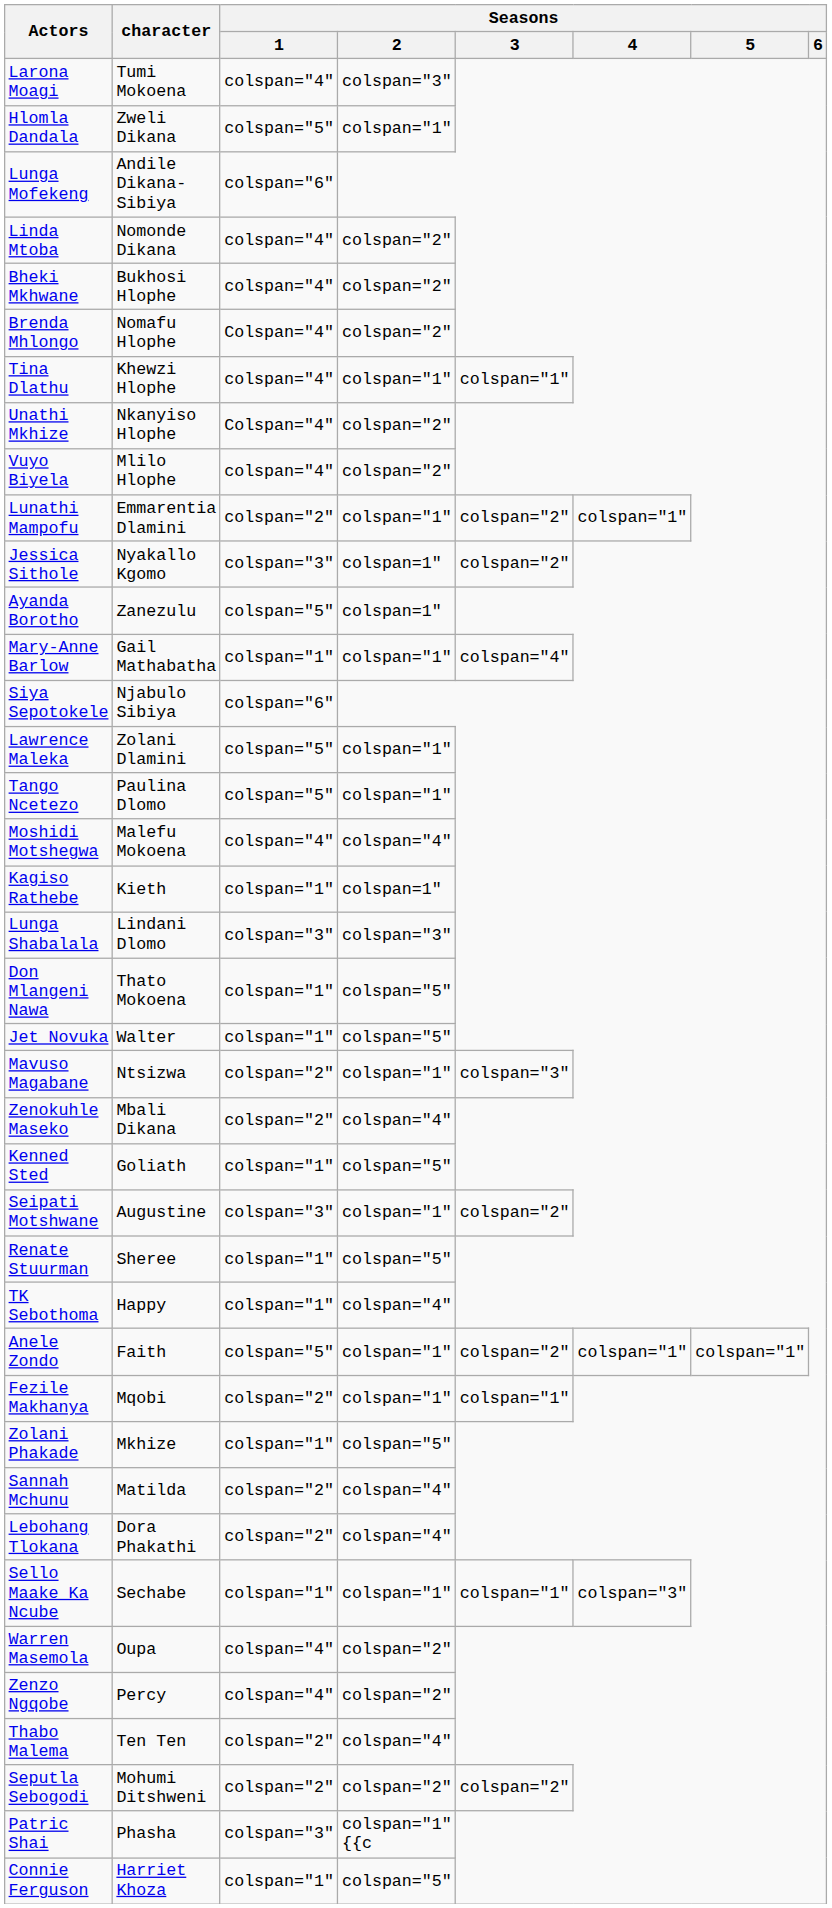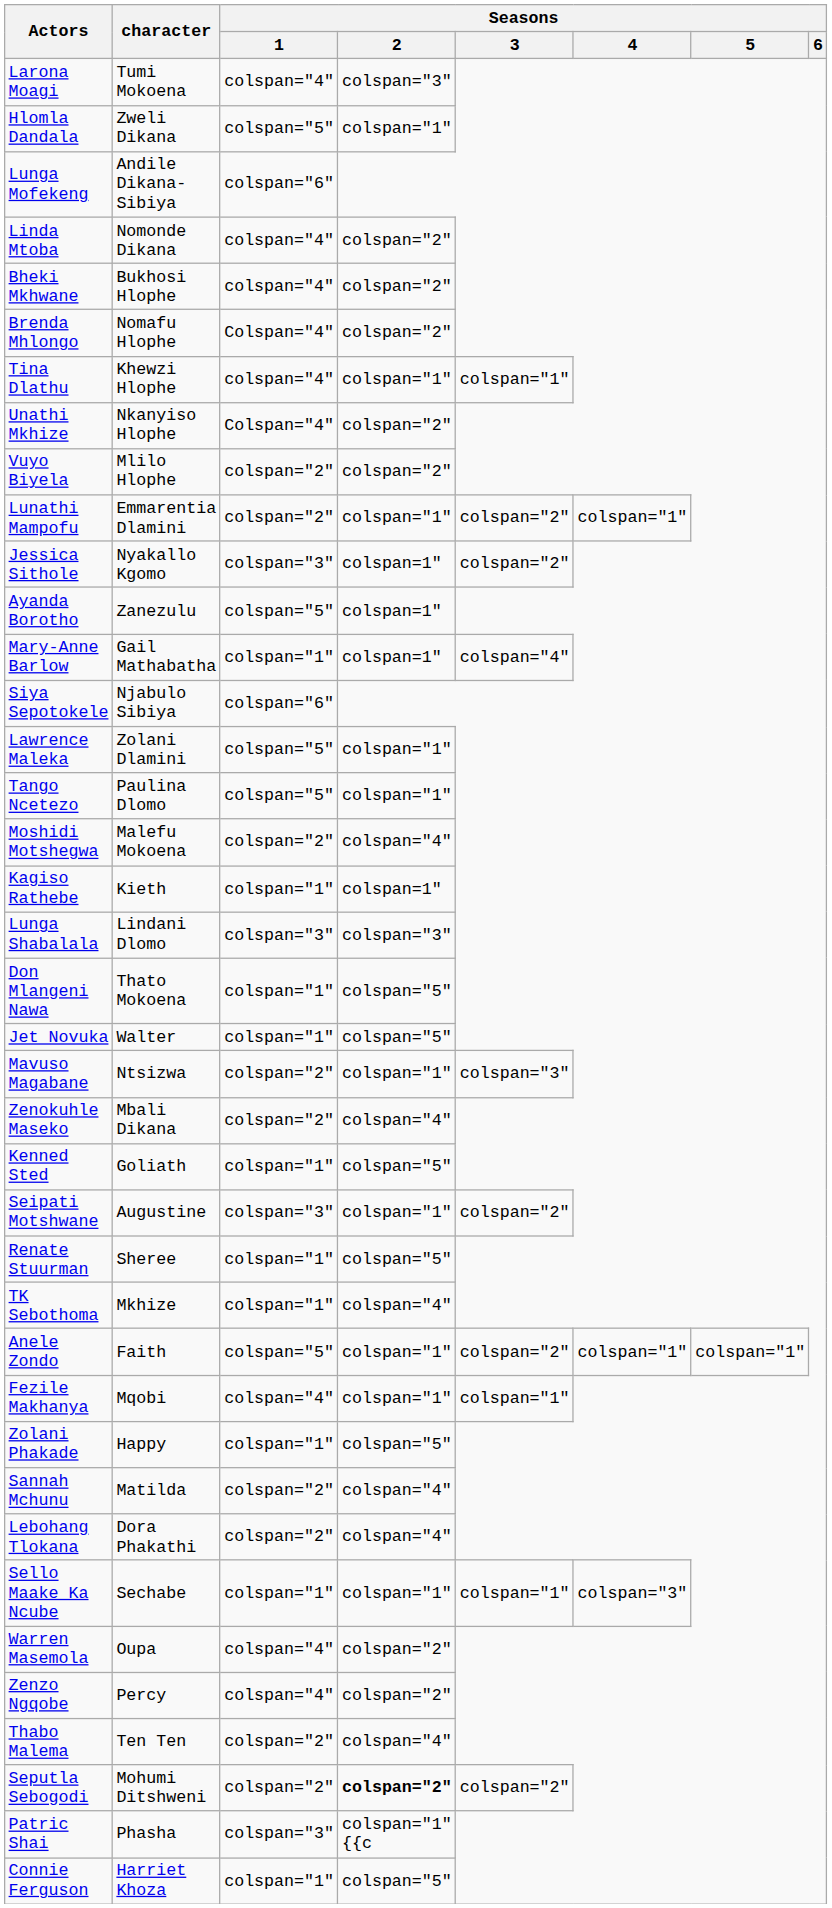 <table class="wikitable wikitable">
 <tr>
 <th rowspan="2">Actors</th>
 <th rowspan="2">character</th>
 <th colspan="6">Seasons</th>
 </tr>
 <tr>
 <th>1</th>
 <th>2</th>
 <th>3</th>
 <th>4</th>
 <th>5</th>
 <th>6</th>
 </tr>
 <tr>
 <td><a href='#'>Larona Moagi</a></td>
 <td>Tumi Mokoena</td>
 <td>colspan="4"</td>
 <td>colspan="3"</td>
 </tr>
 <tr>
 <td><a href='#'>Hlomla Dandala</a></td>
 <td>Zweli Dikana</td>
 <td>colspan="5"</td>
 <td>colspan="1"</td>
 </tr>
 <tr>
 <td><a href='#'>Lunga Mofekeng</a></td>
 <td>Andile Dikana-Sibiya</td>
 <td>colspan="6"</td>
 </tr>
 <tr>
 <td><a href='#'>Linda Mtoba</a></td>
 <td>Nomonde Dikana</td>
 <td>colspan="4"</td>
 <td>colspan="2"</td>
 </tr>
 <tr>
 <td><a href='#'>Bheki Mkhwane</a></td>
 <td>Bukhosi Hlophe</td>
 <td>colspan="4"</td>
 <td>colspan="2"</td>
 </tr>
 <tr>
 <td><a href='#'>Brenda Mhlongo</a></td>
 <td>Nomafu Hlophe</td>
 <td>Colspan="4"</td>
 <td>colspan="2"</td>
 </tr>
 <tr>
 <td><a href='#'>Tina Dlathu</a></td>
 <td>Khewzi Hlophe</td>
 <td>colspan="4"</td>
 <td>colspan="1"</td>
 <td>colspan="1"</td>
 </tr>
 <tr>
 <td><a href='#'>Unathi Mkhize</a></td>
 <td>Nkanyiso Hlophe</td>
 <td>Colspan="4"</td>
 <td>colspan="2"</td>
 </tr>
 <tr>
 <td><a href='#'>Vuyo Biyela</a></td>
 <td>Mlilo Hlophe</td>
-<td>colspan="4"</td>
+<td>colspan="2"</td>
 <td>colspan="2"</td>
 </tr>
 <tr>
 <td><a href='#'>Lunathi Mampofu</a></td>
 <td>Emmarentia Dlamini</td>
 <td>colspan="2"</td>
 <td>colspan="1"</td>
 <td>colspan="2"</td>
 <td>colspan="1"</td>
 </tr>
 <tr>
 <td><a href='#'>Jessica Sithole</a></td>
 <td>Nyakallo Kgomo</td>
 <td>colspan="3"</td>
 <td>colspan=1"</td>
 <td>colspan="2"</td>
 </tr>
 <tr>
 <td><a href='#'>Ayanda Borotho</a></td>
 <td>Zanezulu</td>
 <td>colspan="5"</td>
 <td>colspan=1"</td>
 </tr>
 <tr>
 <td><a href='#'>Mary-Anne Barlow</a></td>
 <td>Gail Mathabatha</td>
 <td>colspan="1"</td>
-<td>colspan="1"</td>
+<td>colspan=1"</td>
 <td>colspan="4"</td>
 </tr>
 <tr>
 <td><a href='#'>Siya Sepotokele</a></td>
 <td>Njabulo Sibiya</td>
 <td>colspan="6"</td>
 </tr>
 <tr>
 <td><a href='#'>Lawrence Maleka</a></td>
 <td>Zolani Dlamini</td>
 <td>colspan="5"</td>
 <td>colspan="1"</td>
 </tr>
 <tr>
 <td><a href='#'>Tango Ncetezo</a></td>
 <td>Paulina Dlomo</td>
 <td>colspan="5"</td>
 <td>colspan="1"</td>
 </tr>
 <tr>
 <td><a href='#'>Moshidi Motshegwa</a></td>
 <td>Malefu Mokoena</td>
-<td>colspan="4"</td>
+<td>colspan="2"</td>
 <td>colspan="4"</td>
 </tr>
 <tr>
 <td><a href='#'>Kagiso Rathebe</a></td>
 <td>Kieth</td>
 <td>colspan="1"</td>
 <td>colspan=1"</td>
 </tr>
 <tr>
 <td><a href='#'>Lunga Shabalala</a></td>
 <td>Lindani Dlomo</td>
 <td>colspan="3"</td>
 <td>colspan="3"</td>
 </tr>
 <tr>
 <td><a href='#'>Don Mlangeni Nawa</a></td>
 <td>Thato Mokoena</td>
 <td>colspan="1"</td>
 <td>colspan="5"</td>
 </tr>
 <tr>
 <td><a href='#'>Jet Novuka</a></td>
 <td>Walter</td>
 <td>colspan="1"</td>
 <td>colspan="5"</td>
 </tr>
 <tr>
 <td><a href='#'>Mavuso Magabane</a></td>
 <td>Ntsizwa</td>
 <td>colspan="2"</td>
 <td>colspan="1"</td>
 <td>colspan="3"</td>
 </tr>
 <tr>
 <td><a href='#'>Zenokuhle Maseko</a></td>
 <td>Mbali Dikana</td>
 <td>colspan="2"</td>
 <td>colspan="4"</td>
 </tr>
 <tr>
 <td><a href='#'>Kenned Sted</a></td>
 <td>Goliath</td>
 <td>colspan="1"</td>
 <td>colspan="5"</td>
 </tr>
 <tr>
 <td><a href='#'>Seipati Motshwane</a></td>
 <td>Augustine</td>
 <td>colspan="3"</td>
 <td>colspan="1"</td>
 <td>colspan="2"</td>
 </tr>
 <tr>
 <td><a href='#'>Renate Stuurman</a></td>
 <td>Sheree</td>
 <td>colspan="1"</td>
 <td>colspan="5"</td>
 </tr>
 <tr>
 <td><a href='#'>TK Sebothoma</a></td>
-<td>Happy</td>
+<td>Mkhize</td>
 <td>colspan="1"</td>
 <td>colspan="4"</td>
 </tr>
 <tr>
 <td><a href='#'>Anele Zondo</a></td>
 <td>Faith</td>
 <td>colspan="5"</td>
 <td>colspan="1"</td>
 <td>colspan="2"</td>
 <td>colspan="1"</td>
 <td>colspan="1"</td>
 </tr>
 <tr>
 <td><a href='#'>Fezile Makhanya</a></td>
 <td>Mqobi</td>
-<td>colspan="2"</td>
+<td>colspan="4"</td>
 <td>colspan="1"</td>
 <td>colspan="1"</td>
 </tr>
 <tr>
 <td><a href='#'>Zolani Phakade</a></td>
-<td>Mkhize</td>
+<td>Happy</td>
 <td>colspan="1"</td>
 <td>colspan="5"</td>
 </tr>
 <tr>
 <td><a href='#'>Sannah Mchunu</a></td>
 <td>Matilda</td>
 <td>colspan="2"</td>
 <td>colspan="4"</td>
 </tr>
 <tr>
 <td><a href='#'>Lebohang Tlokana</a></td>
 <td>Dora Phakathi</td>
 <td>colspan="2"</td>
 <td>colspan="4"</td>
 </tr>
 <tr>
 <td><a href='#'>Sello Maake Ka Ncube</a></td>
 <td>Sechabe</td>
 <td>colspan="1"</td>
 <td>colspan="1"</td>
 <td>colspan="1"</td>
 <td>colspan="3"</td>
 </tr>
 <tr>
 <td><a href='#'>Warren Masemola</a></td>
 <td>Oupa</td>
 <td>colspan="4"</td>
 <td>colspan="2"</td>
 </tr>
 <tr>
 <td><a href='#'>Zenzo Ngqobe</a></td>
 <td>Percy</td>
 <td>colspan="4"</td>
 <td>colspan="2"</td>
 </tr>
 <tr>
 <td><a href='#'>Thabo Malema</a></td>
 <td>Ten Ten</td>
 <td>colspan="2"</td>
 <td>colspan="4"</td>
 </tr>
 <tr>
 <td><a href='#'>Seputla Sebogodi</a></td>
 <td>Mohumi Ditshweni</td>
 <td>colspan="2"</td>
-<td>colspan="2"</td>
+<td><strong>colspan="2"</strong></td>
 <td>colspan="2"</td>
 </tr>
 <tr>
 <td><a href='#'>Patric Shai</a></td>
 <td>Phasha</td>
 <td>colspan="3"</td>
 <td>colspan="1"{{c</td>
 </tr>
 <tr>
 <td><a href='#'>Connie Ferguson</a></td>
 <td><a href='#'>Harriet Khoza</a></td>
 <td>colspan="1"</td>
 <td>colspan="5"</td>
 </tr>
 </table>
